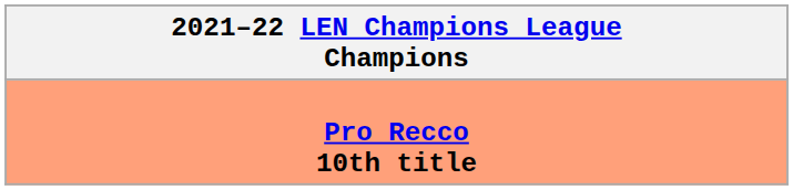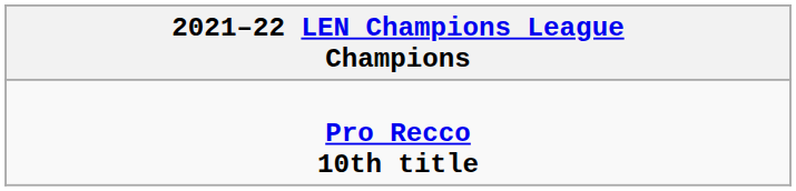 <table class="wikitable" style="margin: 0 auto; width: 30%;">
 <tr>
 <th>2021–22 <a href='#'>LEN Champions League</a><br>Champions</th>
 </tr>
 <tr>
-<td align="center" style="background: lightsalmon;"><br><strong><a href='#'>Pro Recco</a></strong><br><strong>10th title</strong></td>
+<td align="center"><br><strong><a href='#'>Pro Recco</a></strong><br><strong>10th title</strong></td>
 </tr>
 </table>
